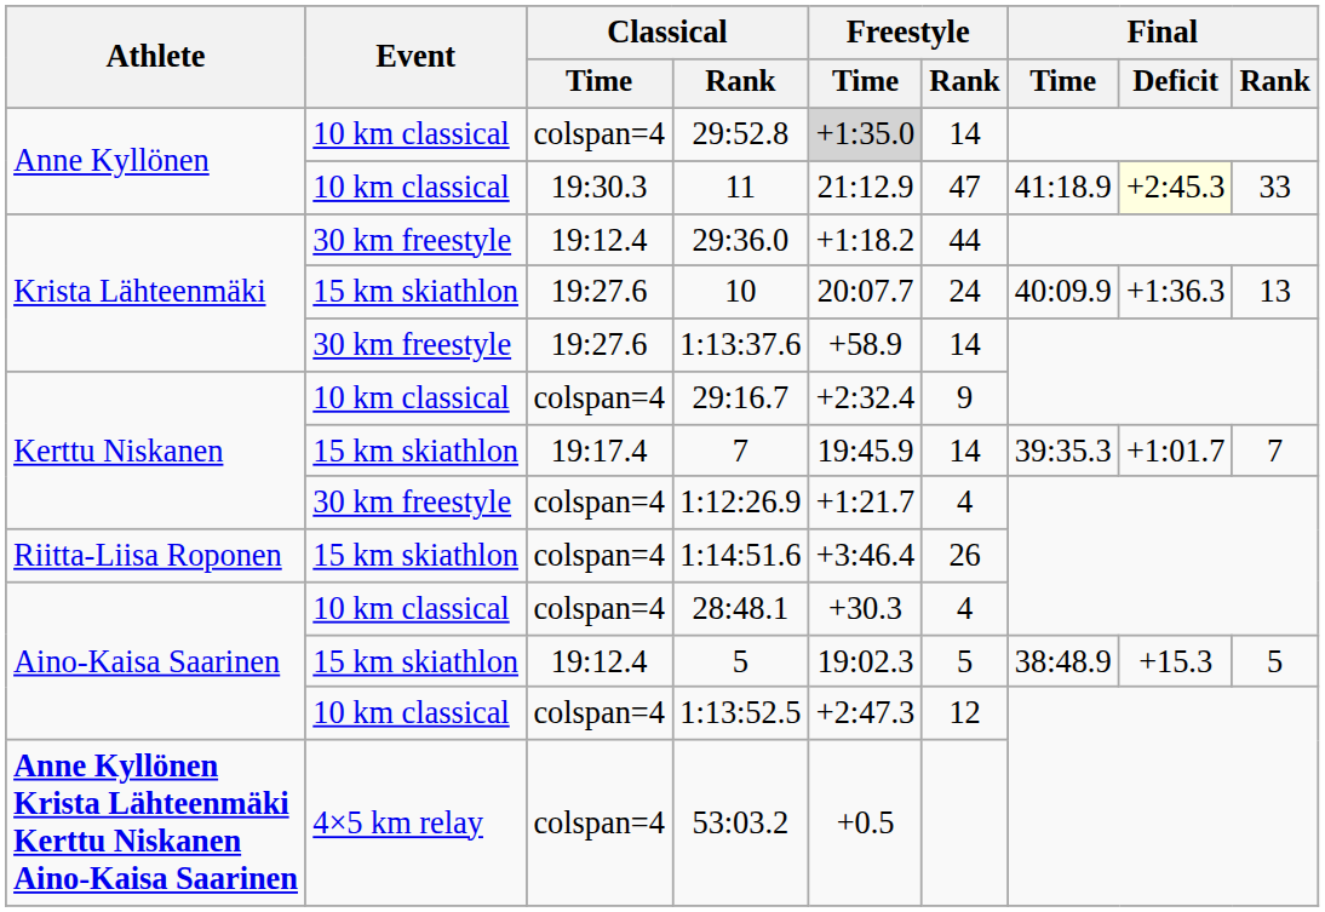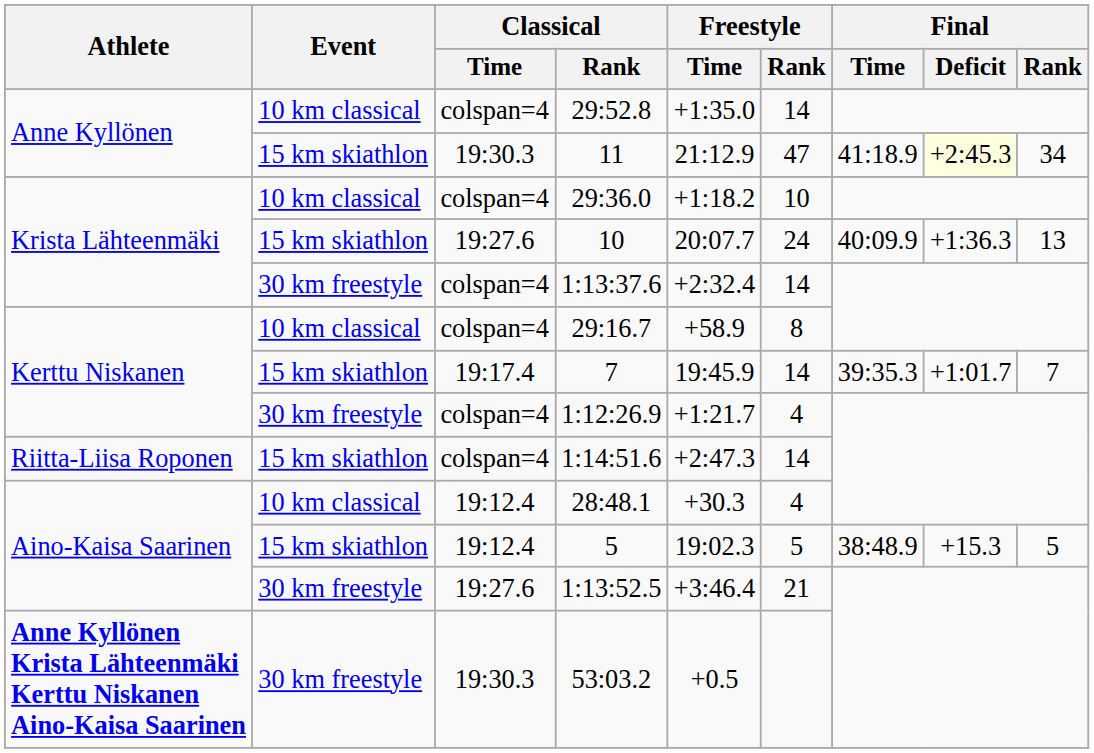 <table class="wikitable" style="font-size:90%">
 <tr>
 <th rowspan=2>Athlete</th>
 <th rowspan=2>Event</th>
 <th colspan=2>Classical</th>
 <th colspan=2>Freestyle</th>
 <th colspan=3>Final</th>
 </tr>
 <tr style="font-size: 95%">
 <th>Time</th>
 <th>Rank</th>
 <th>Time</th>
 <th>Rank</th>
 <th>Time</th>
 <th>Deficit</th>
 <th>Rank</th>
 </tr>
 <tr align=center>
 <td align=left rowspan=2><a href='#'>Anne Kyllönen</a></td>
 <td align=left><a href='#'>10 km classical</a></td>
 <td>colspan=4 </td>
 <td>29:52.8</td>
-<td style="background: lightgrey;">+1:35.0</td>
+<td>+1:35.0</td>
 <td>14</td>
 </tr>
 <tr align=center>
-<td align=left><a href='#'>10 km classical</a></td>
+<td align=left><a href='#'>15 km skiathlon</a></td>
 <td>19:30.3</td>
 <td>11</td>
 <td>21:12.9</td>
 <td>47</td>
 <td>41:18.9</td>
 <td style="background: lightyellow;">+2:45.3</td>
-<td>33</td>
+<td>34</td>
 </tr>
 <tr align=center>
 <td align=left rowspan=3><a href='#'>Krista Lähteenmäki</a></td>
-<td align=left><a href='#'>30 km freestyle</a></td>
-<td>19:12.4</td>
+<td align=left><a href='#'>10 km classical</a></td>
+<td>colspan=4 </td>
 <td>29:36.0</td>
 <td>+1:18.2</td>
-<td>44</td>
+<td>10</td>
 </tr>
 <tr align=center>
 <td align=left><a href='#'>15 km skiathlon</a></td>
 <td>19:27.6</td>
 <td>10</td>
 <td>20:07.7</td>
 <td>24</td>
 <td>40:09.9</td>
 <td>+1:36.3</td>
 <td>13</td>
 </tr>
 <tr align=center>
 <td align=left><a href='#'>30 km freestyle</a></td>
-<td>19:27.6</td>
+<td>colspan=4 </td>
 <td>1:13:37.6</td>
-<td>+58.9</td>
+<td>+2:32.4</td>
 <td>14</td>
 </tr>
 <tr align=center>
 <td align=left rowspan=3><a href='#'>Kerttu Niskanen</a></td>
 <td align=left><a href='#'>10 km classical</a></td>
 <td>colspan=4 </td>
 <td>29:16.7</td>
-<td>+2:32.4</td>
-<td>9</td>
+<td>+58.9</td>
+<td>8</td>
 </tr>
 <tr align=center>
 <td align=left><a href='#'>15 km skiathlon</a></td>
 <td>19:17.4</td>
 <td>7</td>
 <td>19:45.9</td>
 <td>14</td>
 <td>39:35.3</td>
 <td>+1:01.7</td>
 <td>7</td>
 </tr>
 <tr align=center>
 <td align=left><a href='#'>30 km freestyle</a></td>
 <td>colspan=4 </td>
 <td>1:12:26.9</td>
 <td>+1:21.7</td>
 <td>4</td>
 </tr>
 <tr align=center>
 <td align=left><a href='#'>Riitta-Liisa Roponen</a></td>
 <td align=left><a href='#'>15 km skiathlon</a></td>
 <td>colspan=4 </td>
 <td>1:14:51.6</td>
-<td>+3:46.4</td>
-<td>26</td>
+<td>+2:47.3</td>
+<td>14</td>
 </tr>
 <tr align=center>
 <td align=left rowspan=3><a href='#'>Aino-Kaisa Saarinen</a></td>
 <td align=left><a href='#'>10 km classical</a></td>
-<td>colspan=4 </td>
+<td>19:12.4</td>
 <td>28:48.1</td>
 <td>+30.3</td>
 <td>4</td>
 </tr>
 <tr align=center>
 <td align=left><a href='#'>15 km skiathlon</a></td>
 <td>19:12.4</td>
 <td>5</td>
 <td>19:02.3</td>
 <td>5</td>
 <td>38:48.9</td>
 <td>+15.3</td>
 <td>5</td>
 </tr>
 <tr align=center>
-<td align=left><a href='#'>10 km classical</a></td>
-<td>colspan=4 </td>
+<td align=left><a href='#'>30 km freestyle</a></td>
+<td>19:27.6</td>
 <td>1:13:52.5</td>
-<td>+2:47.3</td>
-<td>12</td>
+<td>+3:46.4</td>
+<td>21</td>
 </tr>
 <tr align=center>
 <td align=left><strong><a href='#'>Anne Kyllönen</a><br><a href='#'>Krista Lähteenmäki</a><br><a href='#'>Kerttu Niskanen</a><br><a href='#'>Aino-Kaisa Saarinen</a></strong></td>
-<td align=left><a href='#'>4×5 km relay</a></td>
-<td>colspan=4 </td>
+<td align=left><a href='#'>30 km freestyle</a></td>
+<td>19:30.3</td>
 <td>53:03.2</td>
 <td>+0.5</td>
 <td></td>
 </tr>
 </table>
